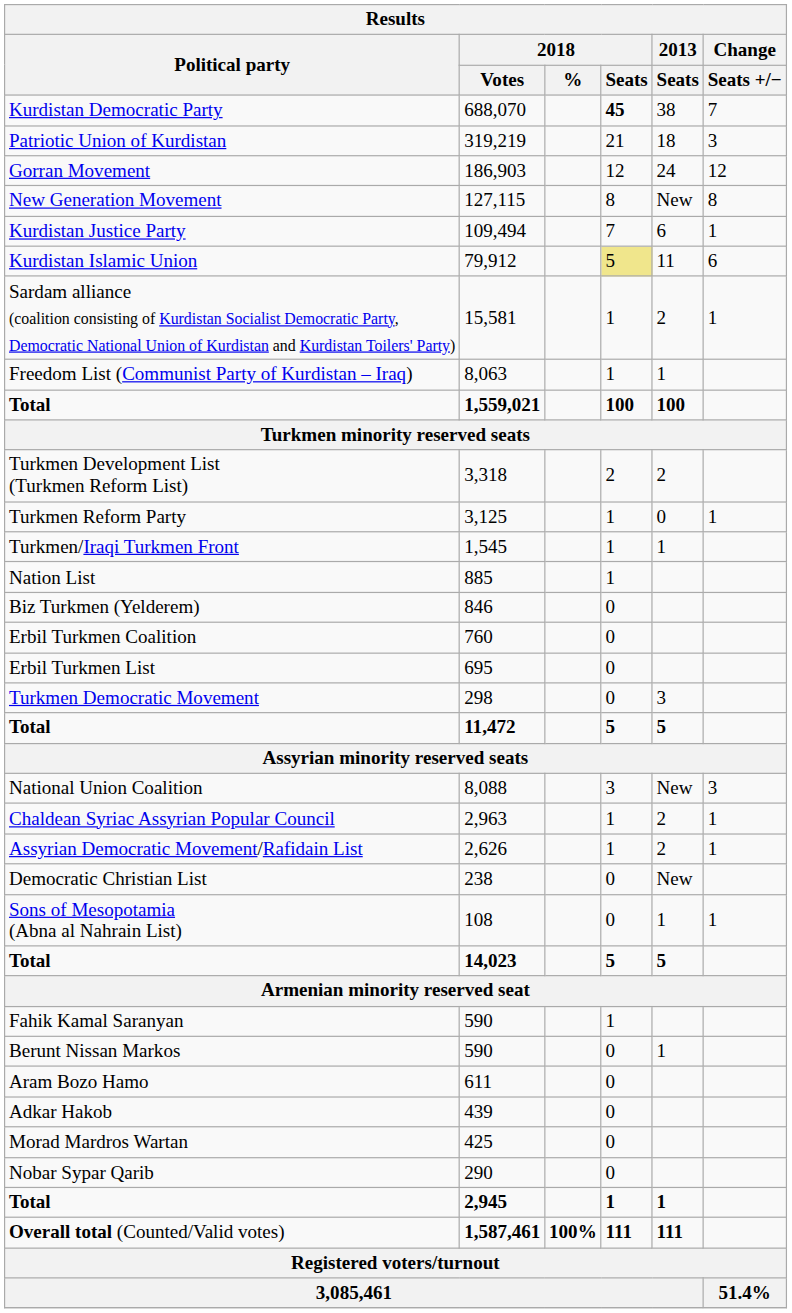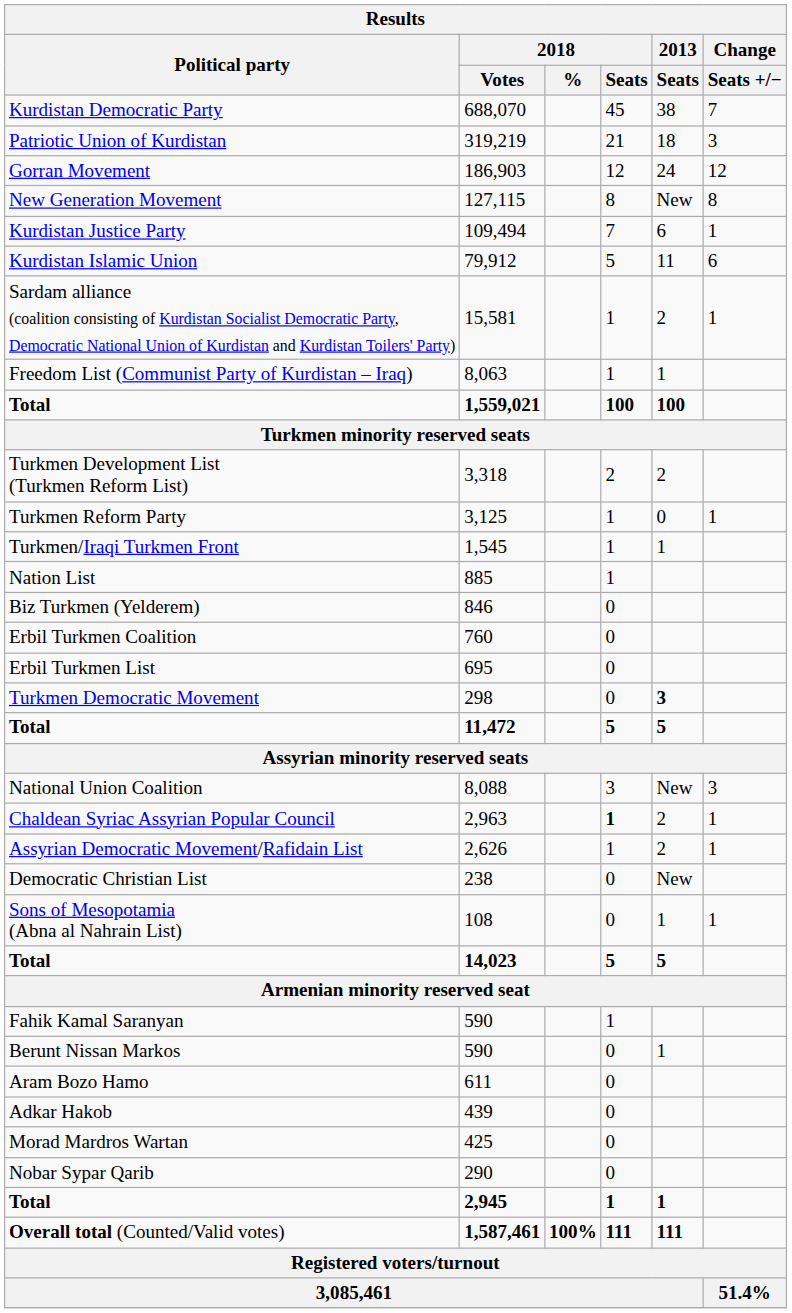 <table class="wikitable sortable">
 <tr>
 <th colspan="6">Results</th>
 </tr>
 <tr>
 <th rowspan="2">Political party</th>
 <th colspan="3">2018</th>
 <th>2013</th>
 <th>Change</th>
 </tr>
 <tr>
 <th>Votes</th>
 <th>%</th>
 <th>Seats</th>
 <th>Seats</th>
 <th>Seats +/−</th>
 </tr>
 <tr>
 <td><a href='#'>Kurdistan Democratic Party</a></td>
 <td>688,070</td>
 <td></td>
-<td><strong>45</strong></td>
+<td>45</td>
 <td>38</td>
 <td>7</td>
 </tr>
 <tr>
 <td><a href='#'>Patriotic Union of Kurdistan</a></td>
 <td>319,219</td>
 <td></td>
 <td>21</td>
 <td>18</td>
 <td>3</td>
 </tr>
 <tr>
 <td><a href='#'>Gorran Movement</a></td>
 <td>186,903</td>
 <td></td>
 <td>12</td>
 <td>24</td>
 <td>12</td>
 </tr>
 <tr>
 <td><a href='#'>New Generation Movement</a></td>
 <td>127,115</td>
 <td></td>
 <td>8</td>
 <td>New</td>
 <td>8</td>
 </tr>
 <tr>
 <td><a href='#'>Kurdistan Justice Party</a></td>
 <td>109,494</td>
 <td></td>
 <td>7</td>
 <td>6</td>
 <td>1</td>
 </tr>
 <tr>
 <td><a href='#'>Kurdistan Islamic Union</a></td>
 <td>79,912</td>
 <td></td>
-<td style="background: khaki;">5</td>
+<td>5</td>
 <td>11</td>
 <td>6</td>
 </tr>
 <tr>
 <td>Sardam alliance<br><sub>(coalition consisting of <a href='#'>Kurdistan Socialist Democratic Party</a>,<br><a href='#'>Democratic National Union of Kurdistan</a> and <a href='#'>Kurdistan Toilers' Party</a>)</sub></td>
 <td>15,581</td>
 <td></td>
 <td>1</td>
 <td>2</td>
 <td>1</td>
 </tr>
 <tr>
 <td>Freedom List (<a href='#'>Communist Party of Kurdistan – Iraq</a>)</td>
 <td>8,063</td>
 <td></td>
 <td>1</td>
 <td>1</td>
 <td></td>
 </tr>
 <tr>
 <td><strong>Total</strong></td>
 <td><strong>1,559,021</strong></td>
 <td></td>
 <td><strong>100</strong></td>
 <td><strong>100</strong></td>
 <td></td>
 </tr>
 <tr>
 <th colspan="6">Turkmen minority reserved seats</th>
 </tr>
 <tr>
 <td>Turkmen Development List<br>(Turkmen Reform List)</td>
 <td>3,318</td>
 <td></td>
 <td>2</td>
 <td>2</td>
 <td></td>
 </tr>
 <tr>
 <td>Turkmen Reform Party</td>
 <td>3,125</td>
 <td></td>
 <td>1</td>
 <td>0</td>
 <td>1</td>
 </tr>
 <tr>
 <td>Turkmen/<a href='#'>Iraqi Turkmen Front</a></td>
 <td>1,545</td>
 <td></td>
 <td>1</td>
 <td>1</td>
 <td></td>
 </tr>
 <tr>
 <td>Nation List</td>
 <td>885</td>
 <td></td>
 <td>1</td>
 <td></td>
 <td></td>
 </tr>
 <tr>
 <td>Biz Turkmen (Yelderem)</td>
 <td>846</td>
 <td></td>
 <td>0</td>
 <td></td>
 <td></td>
 </tr>
 <tr>
 <td>Erbil Turkmen Coalition</td>
 <td>760</td>
 <td></td>
 <td>0</td>
 <td></td>
 <td></td>
 </tr>
 <tr>
 <td>Erbil Turkmen List</td>
 <td>695</td>
 <td></td>
 <td>0</td>
 <td></td>
 <td></td>
 </tr>
 <tr>
 <td><a href='#'>Turkmen Democratic Movement</a></td>
 <td>298</td>
 <td></td>
 <td>0</td>
-<td>3</td>
+<td><strong>3</strong></td>
 <td></td>
 </tr>
 <tr>
 <td><strong>Total</strong></td>
 <td><strong>11,472</strong></td>
 <td></td>
 <td><strong>5</strong></td>
 <td><strong>5</strong></td>
 <td></td>
 </tr>
 <tr>
 <th colspan="6">Assyrian minority reserved seats</th>
 </tr>
 <tr>
 <td>National Union Coalition</td>
 <td>8,088</td>
 <td></td>
 <td>3</td>
 <td>New</td>
 <td>3</td>
 </tr>
 <tr>
 <td><a href='#'>Chaldean Syriac Assyrian Popular Council</a></td>
 <td>2,963</td>
 <td></td>
-<td>1</td>
+<td><strong>1</strong></td>
 <td>2</td>
 <td>1</td>
 </tr>
 <tr>
 <td><a href='#'>Assyrian Democratic Movement</a>/<a href='#'>Rafidain List</a></td>
 <td>2,626</td>
 <td></td>
 <td>1</td>
 <td>2</td>
 <td>1</td>
 </tr>
 <tr>
 <td>Democratic Christian List</td>
 <td>238</td>
 <td></td>
 <td>0</td>
 <td>New</td>
 <td></td>
 </tr>
 <tr>
 <td><a href='#'>Sons of Mesopotamia</a><br>(Abna al Nahrain List)</td>
 <td>108</td>
 <td></td>
 <td>0</td>
 <td>1</td>
 <td>1</td>
 </tr>
 <tr>
 <td><strong>Total</strong></td>
 <td><strong>14,023</strong></td>
 <td></td>
 <td><strong>5</strong></td>
 <td><strong>5</strong></td>
 <td></td>
 </tr>
 <tr>
 <th colspan="6">Armenian minority reserved seat</th>
 </tr>
 <tr>
 <td>Fahik Kamal Saranyan</td>
 <td>590</td>
 <td></td>
 <td>1</td>
 <td></td>
 <td></td>
 </tr>
 <tr>
 <td>Berunt Nissan Markos</td>
 <td>590</td>
 <td></td>
 <td>0</td>
 <td>1</td>
 <td></td>
 </tr>
 <tr>
 <td>Aram Bozo Hamo</td>
 <td>611</td>
 <td></td>
 <td>0</td>
 <td></td>
 <td></td>
 </tr>
 <tr>
 <td>Adkar Hakob</td>
 <td>439</td>
 <td></td>
 <td>0</td>
 <td></td>
 <td></td>
 </tr>
 <tr>
 <td>Morad Mardros Wartan</td>
 <td>425</td>
 <td></td>
 <td>0</td>
 <td></td>
 <td></td>
 </tr>
 <tr>
 <td>Nobar Sypar Qarib</td>
 <td>290</td>
 <td></td>
 <td>0</td>
 <td></td>
 <td></td>
 </tr>
 <tr>
 <td><strong>Total</strong></td>
 <td><strong>2,945</strong></td>
 <td></td>
 <td><strong>1</strong></td>
 <td><strong>1</strong></td>
 <td></td>
 </tr>
 <tr>
 <td><strong>Overall total</strong> (Counted/Valid votes)</td>
 <td><strong>1,587,461</strong></td>
 <td><strong>100%</strong></td>
 <td><strong>111</strong></td>
 <td><strong>111</strong></td>
 <td></td>
 </tr>
 <tr>
 <th colspan="6">Registered voters/turnout</th>
 </tr>
 <tr>
 <th colspan="5"><strong>3,085,461</strong></th>
 <th>51.4%</th>
 </tr>
 <tr>
 </tr>
 </table>
